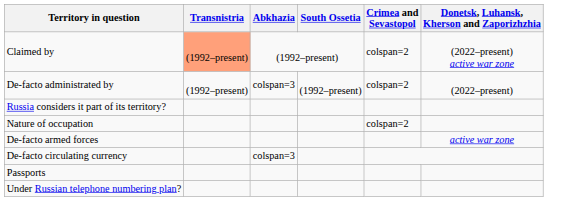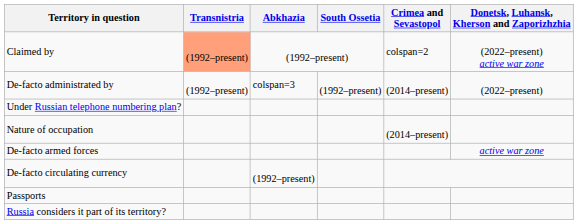 <table class="wikitable" style="font-size: 100%">
 <tr>
 <th>Territory in question</th>
 <th><a href='#'>Transnistria</a></th>
 <th><a href='#'>Abkhazia</a></th>
 <th><a href='#'>South Ossetia</a></th>
 <th><a href='#'>Crimea</a> and<br><a href='#'>Sevastopol</a></th>
 <th><a href='#'>Donetsk</a>, <a href='#'>Luhansk</a>,<br><a href='#'>Kherson</a> and <a href='#'>Zaporizhzhia</a></th>
 </tr>
 <tr>
 <td>Claimed by</td>
 <td align="center" style="background: lightsalmon;"><br>(1992–present)</td>
 <td align="center" colspan=2><br>(1992–present)</td>
 <td>colspan=2 </td>
 <td align="center"><br>(2022–present)<br><em><a href='#'>active war zone</a></em></td>
 </tr>
 <tr>
 <td>De-facto administrated by</td>
 <td align="center"><br>(1992–present)</td>
 <td>colspan=3 </td>
 <td align="center"><br>(1992–present)</td>
-<td>colspan=2 </td>
+<td align="center"><br>(2014–present)</td>
 <td align="center"><br>(2022–present)</td>
 </tr>
 <tr>
-<td><a href='#'>Russia</a> considers it part of its territory?</td>
+<td>Under <a href='#'>Russian telephone numbering plan</a>?</td>
 <td></td>
 <td></td>
 <td></td>
 <td></td>
 <td></td>
 </tr>
 <tr>
 <td>Nature of occupation</td>
 <td></td>
 <td></td>
 <td></td>
-<td>colspan=2 </td>
+<td align="center"><br>(2014–present)</td>
 </tr>
 <tr>
 <td>De-facto armed forces</td>
 <td></td>
 <td></td>
 <td></td>
 <td></td>
 <td align="center"><em><a href='#'>active war zone</a></em></td>
 </tr>
 <tr>
 <td>De-facto circulating currency</td>
 <td></td>
-<td>colspan=3 </td>
+<td align="center"><br>(1992–present)</td>
 <td></td>
 </tr>
 <tr>
 <td>Passports</td>
 <td></td>
 <td></td>
 <td></td>
 <td></td>
 <td></td>
 </tr>
 <tr>
-<td>Under <a href='#'>Russian telephone numbering plan</a>?</td>
+<td><a href='#'>Russia</a> considers it part of its territory?</td>
 <td></td>
 <td></td>
 <td></td>
 <td></td>
 <td></td>
 </tr>
 </table>
